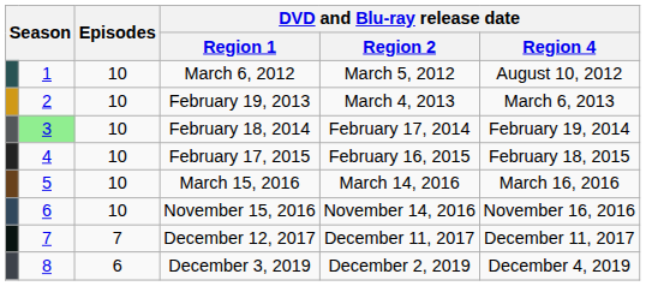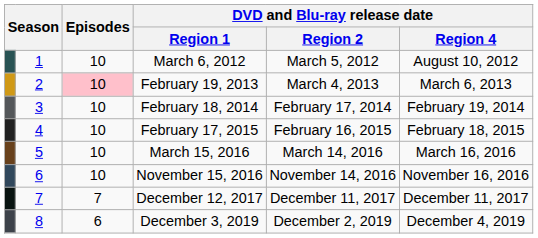 <table class="wikitable" style="text-align:center;">
 <tr>
 <th colspan="2" rowspan="2">Season</th>
 <th rowspan="2">Episodes</th>
 <th colspan="3"><a href='#'>DVD</a> and <a href='#'>Blu-ray</a> release date</th>
 </tr>
 <tr>
 <th><a href='#'>Region 1</a></th>
 <th><a href='#'>Region 2</a></th>
 <th><a href='#'>Region 4</a></th>
 </tr>
 <tr>
 <td style="background:#295354; width:5px"></td>
 <td><a href='#'>1</a></td>
 <td>10</td>
 <td>March 6, 2012</td>
 <td>March 5, 2012</td>
 <td>August 10, 2012</td>
 </tr>
 <tr>
 <td style="background:#D09916"></td>
 <td><a href='#'>2</a></td>
-<td>10</td>
+<td style="background: pink;">10</td>
 <td>February 19, 2013</td>
 <td>March 4, 2013</td>
 <td>March 6, 2013</td>
 </tr>
 <tr>
 <td style="background:#54575A;"></td>
-<td style="background: lightgreen;"><a href='#'>3</a></td>
+<td><a href='#'>3</a></td>
 <td>10</td>
 <td>February 18, 2014</td>
 <td>February 17, 2014</td>
 <td>February 19, 2014</td>
 </tr>
 <tr>
 <td style="background:#222222;"></td>
 <td><a href='#'>4</a></td>
 <td>10</td>
 <td>February 17, 2015</td>
 <td>February 16, 2015</td>
 <td>February 18, 2015</td>
 </tr>
 <tr>
 <td style="background:#68411C;"></td>
 <td><a href='#'>5</a></td>
 <td>10</td>
 <td>March 15, 2016</td>
 <td>March 14, 2016</td>
 <td>March 16, 2016</td>
 </tr>
 <tr>
 <td style="background:#31485C;"></td>
 <td><a href='#'>6</a></td>
 <td>10</td>
 <td>November 15, 2016</td>
 <td>November 14, 2016</td>
 <td>November 16, 2016</td>
 </tr>
 <tr>
 <td style="background:#091411;"></td>
 <td><a href='#'>7</a></td>
 <td>7</td>
 <td>December 12, 2017</td>
 <td>December 11, 2017</td>
 <td>December 11, 2017</td>
 </tr>
 <tr>
 <td style="background:#3D424A;"></td>
 <td><a href='#'>8</a></td>
 <td>6</td>
 <td>December 3, 2019</td>
 <td>December 2, 2019</td>
 <td>December 4, 2019</td>
 </tr>
 </table>
